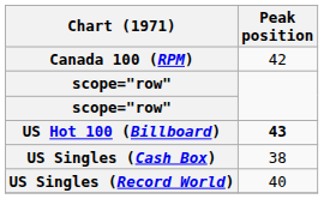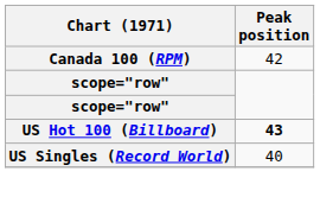 <table class="wikitable sortable plainrowheaders" style="text-align:center;">
 <tr>
 <th scope="col">Chart (1971)</th>
 <th scope="col">Peak<br>position</th>
 </tr>
 <tr>
 <th scope="row">Canada 100 (<em><a href='#'>RPM</a></em>)</th>
 <td align="center">42</td>
 </tr>
 <tr>
 <th>scope="row"</th>
 </tr>
 <tr>
 <th>scope="row"</th>
 </tr>
 <tr>
 <th scope="row">US <a href='#'>Hot 100</a> (<em><a href='#'>Billboard</a></em>)</th>
 <td align="center"><strong>43</strong></td>
 </tr>
 <tr>
-<th scope="row">US Singles (<a href='#'><em>Cash Box</em></a>) </th>
-<td align="center">38</td>
-</tr>
-<tr>
 <th scope="row">US Singles (<em><a href='#'>Record World</a></em>)</th>
 <td align="center">40</td>
 </tr>
 <tr>
 </tr>
 </table>
